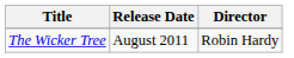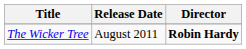 <table class="wikitable sortable">
 <tr>
 <th>Title</th>
 <th>Release Date</th>
 <th>Director</th>
 </tr>
 <tr>
 </tr>
 <tr>
 <td><em><a href='#'>The Wicker Tree</a></em></td>
 <td>August 2011</td>
-<td>Robin Hardy</td>
+<td><strong>Robin Hardy</strong></td>
 </tr>
 </table>
